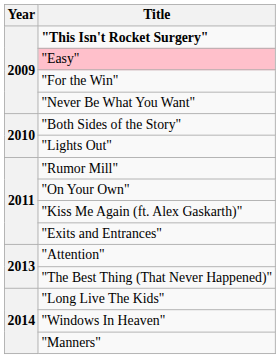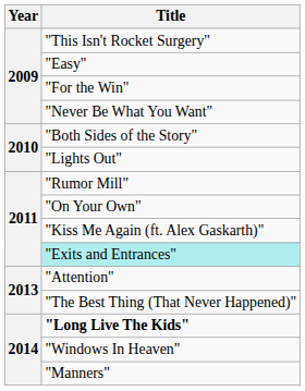 <table class="wikitable plainrowheaders">
 <tr>
 <th scope="col">Year</th>
 <th scope="col">Title</th>
 </tr>
 <tr>
 <th scope="row" rowspan="4">2009</th>
-<td><strong>"This Isn't Rocket Surgery"</strong></td>
+<td>"This Isn't Rocket Surgery"</td>
 </tr>
 <tr>
-<td style="background: pink;">"Easy"</td>
+<td>"Easy"</td>
 </tr>
 <tr>
 <td>"For the Win"</td>
 </tr>
 <tr>
 <td>"Never Be What You Want"</td>
 </tr>
 <tr>
 <th scope="row" rowspan="2">2010</th>
 <td>"Both Sides of the Story"</td>
 </tr>
 <tr>
 <td>"Lights Out"</td>
 </tr>
 <tr>
 <th scope="row" rowspan="4">2011</th>
 <td>"Rumor Mill"</td>
 </tr>
 <tr>
 <td>"On Your Own"</td>
 </tr>
 <tr>
 <td>"Kiss Me Again (ft. Alex Gaskarth)"</td>
 </tr>
 <tr>
-<td>"Exits and Entrances"</td>
+<td style="background: paleturquoise;">"Exits and Entrances"</td>
 </tr>
 <tr>
 <th scope="row" rowspan="2">2013</th>
 <td>"Attention"</td>
 </tr>
 <tr>
 <td>"The Best Thing (That Never Happened)"</td>
 </tr>
 <tr>
 <th scope="row" rowspan="3">2014</th>
-<td>"Long Live The Kids"</td>
+<td><strong>"Long Live The Kids"</strong></td>
 </tr>
 <tr>
 <td>"Windows In Heaven"</td>
 </tr>
 <tr>
 <td>"Manners"</td>
 </tr>
 </table>
